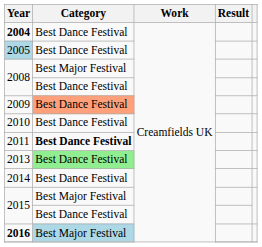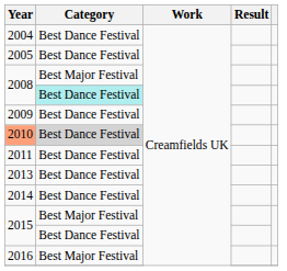 <table class="wikitable">
 <tr>
 <th>Year</th>
 <th>Category</th>
 <th>Work</th>
 <th>Result</th>
 <th></th>
 </tr>
 <tr>
-<td><strong>2004</strong></td>
+<td>2004</td>
 <td>Best Dance Festival</td>
 <td rowspan="16">Creamfields UK</td>
 <td></td>
 <td></td>
 </tr>
 <tr>
-<td style="background: lightblue;">2005</td>
+<td>2005</td>
 <td>Best Dance Festival</td>
 <td></td>
 <td></td>
 </tr>
 <tr>
 <td rowspan="2">2008</td>
 <td>Best Major Festival</td>
 <td></td>
 <td></td>
 </tr>
 <tr>
+<td style="background: paleturquoise;">Best Dance Festival</td>
+<td></td>
+<td></td>
+</tr>
+<tr>
+<td>2009</td>
 <td>Best Dance Festival</td>
 <td></td>
 <td></td>
 </tr>
 <tr>
-<td>2009</td>
-<td style="background: lightsalmon;">Best Dance Festival</td>
+<td style="background: lightsalmon;">2010</td>
+<td style="background: lightgrey;">Best Dance Festival</td>
 <td></td>
 <td></td>
 </tr>
 <tr>
-<td>2010</td>
+<td>2011</td>
 <td>Best Dance Festival</td>
 <td></td>
 <td></td>
 </tr>
 <tr>
-<td>2011</td>
-<td><strong>Best Dance Festival</strong></td>
-<td></td>
-<td></td>
-</tr>
-<tr>
 <td>2013</td>
-<td style="background: lightgreen;">Best Dance Festival</td>
+<td>Best Dance Festival</td>
 <td></td>
 <td></td>
 </tr>
 <tr>
 <td>2014</td>
 <td>Best Dance Festival</td>
 <td></td>
 <td></td>
 </tr>
 <tr>
 <td rowspan="2">2015</td>
 <td>Best Major Festival</td>
 <td></td>
 <td rowspan="2"></td>
 </tr>
 <tr>
 <td>Best Dance Festival</td>
 <td></td>
 </tr>
 <tr>
-<td><strong>2016</strong></td>
-<td style="background: lightblue;">Best Major Festival</td>
+<td>2016</td>
+<td>Best Major Festival</td>
 <td></td>
 <td><br></td>
 </tr>
 <tr>
 </tr>
 </table>
